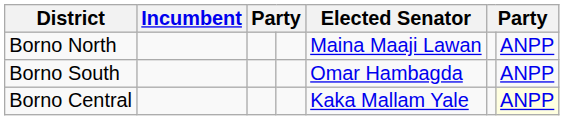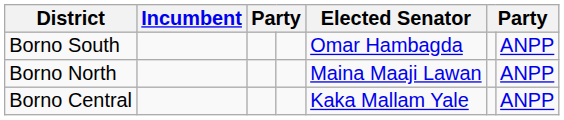 <table class="sortable wikitable" style="font-size:95%;line-height:14px;">
 <tr>
 <th class="unsortable">District</th>
 <th class="unsortable"><a href='#'>Incumbent</a></th>
 <th colspan="2">Party</th>
 <th class="unsortable">Elected Senator</th>
 <th colspan="2">Party</th>
+</tr>
+<tr>
+<td>Borno South</td>
+<td></td>
+<td></td>
+<td></td>
+<td><a href='#'>Omar Hambagda</a></td>
+<td style="background:"></td>
+<td><a href='#'>ANPP</a></td>
 </tr>
 <tr>
 <td>Borno North</td>
 <td></td>
 <td></td>
 <td></td>
 <td><a href='#'>Maina Maaji Lawan</a></td>
 <td style="background:"></td>
 <td><a href='#'>ANPP</a></td>
 </tr>
 <tr>
-<td>Borno South</td>
-<td></td>
-<td></td>
-<td></td>
-<td><a href='#'>Omar Hambagda</a></td>
-<td style="background:"></td>
-<td><a href='#'>ANPP</a></td>
-</tr>
-<tr>
 <td>Borno Central</td>
 <td></td>
 <td></td>
 <td></td>
 <td><a href='#'>Kaka Mallam Yale</a></td>
 <td style="background:"></td>
-<td style="background: lightyellow;"><a href='#'>ANPP</a></td>
+<td><a href='#'>ANPP</a></td>
 </tr>
 </table>
